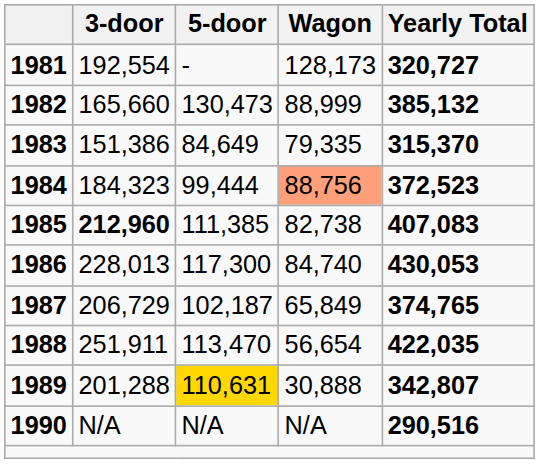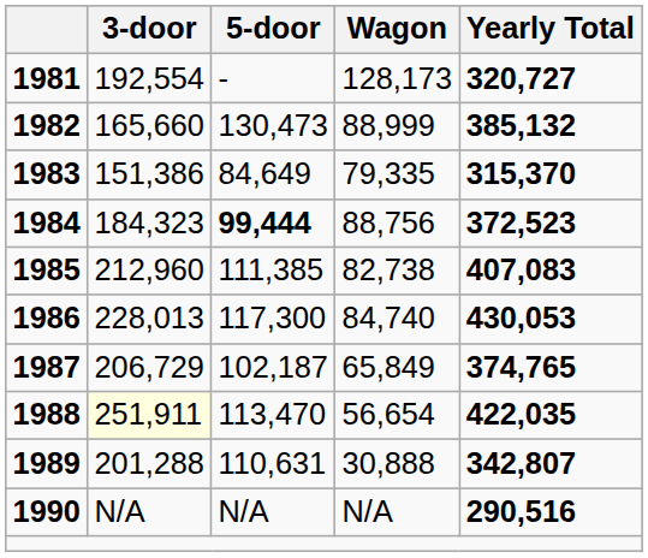 <table class="wikitable">
 <tr>
 <th></th>
 <th>3-door</th>
 <th>5-door</th>
 <th>Wagon</th>
 <th>Yearly Total</th>
 </tr>
 <tr>
 <td><strong>1981</strong></td>
 <td>192,554</td>
 <td>-</td>
 <td>128,173</td>
 <td><strong>320,727</strong></td>
 </tr>
 <tr>
 <td><strong>1982</strong></td>
 <td>165,660</td>
 <td>130,473</td>
 <td>88,999</td>
 <td><strong>385,132</strong></td>
 </tr>
 <tr>
 <td><strong>1983</strong></td>
 <td>151,386</td>
 <td>84,649</td>
 <td>79,335</td>
 <td><strong>315,370</strong></td>
 </tr>
 <tr>
 <td><strong>1984</strong></td>
 <td>184,323</td>
-<td>99,444</td>
-<td style="background: lightsalmon;">88,756</td>
+<td><strong>99,444</strong></td>
+<td>88,756</td>
 <td><strong>372,523</strong></td>
 </tr>
 <tr>
 <td><strong>1985</strong></td>
-<td><strong>212,960</strong></td>
+<td>212,960</td>
 <td>111,385</td>
 <td>82,738</td>
 <td><strong>407,083</strong></td>
 </tr>
 <tr>
 <td><strong>1986</strong></td>
 <td>228,013</td>
 <td>117,300</td>
 <td>84,740</td>
 <td><strong>430,053</strong></td>
 </tr>
 <tr>
 <td><strong>1987</strong></td>
 <td>206,729</td>
 <td>102,187</td>
 <td>65,849</td>
 <td><strong>374,765</strong></td>
 </tr>
 <tr>
 <td><strong>1988</strong></td>
-<td>251,911</td>
+<td style="background: lightyellow;">251,911</td>
 <td>113,470</td>
 <td>56,654</td>
 <td><strong>422,035</strong></td>
 </tr>
 <tr>
 <td><strong>1989</strong></td>
 <td>201,288</td>
-<td style="background: gold;">110,631</td>
+<td>110,631</td>
 <td>30,888</td>
 <td><strong>342,807</strong></td>
 </tr>
 <tr>
 <td><strong>1990</strong></td>
 <td>N/A</td>
 <td>N/A</td>
 <td>N/A</td>
 <td><strong>290,516</strong></td>
 </tr>
 <tr>
 <td colspan="5"></td>
 </tr>
 </table>
